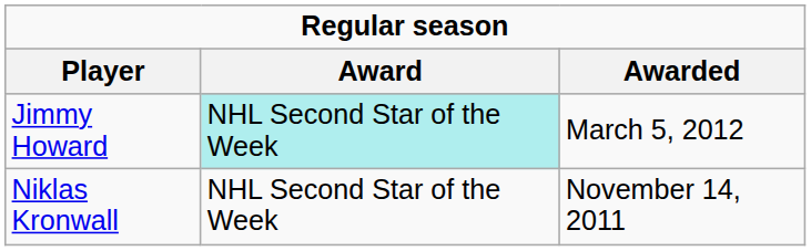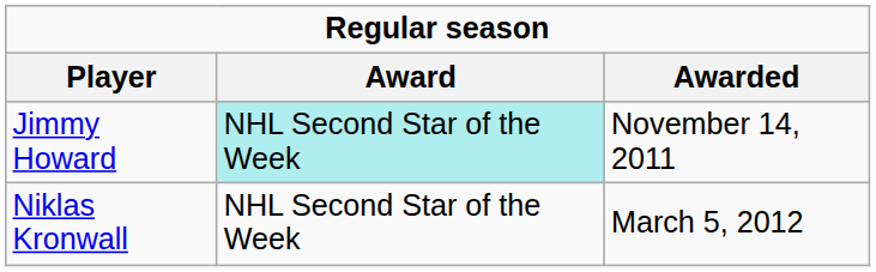 <table class="wikitable" style="width:52%;">
 <tr>
 <td colspan="10" style="text-align:center;"><strong>Regular season</strong></td>
 </tr>
 <tr>
 <th>Player</th>
 <th>Award</th>
 <th>Awarded</th>
 </tr>
 <tr>
 <td><a href='#'>Jimmy Howard</a></td>
 <td style="background: paleturquoise;">NHL Second Star of the Week</td>
-<td>March 5, 2012</td>
+<td>November 14, 2011</td>
 </tr>
 <tr>
 <td><a href='#'>Niklas Kronwall</a></td>
 <td>NHL Second Star of the Week</td>
-<td>November 14, 2011</td>
+<td>March 5, 2012</td>
 </tr>
 </table>
